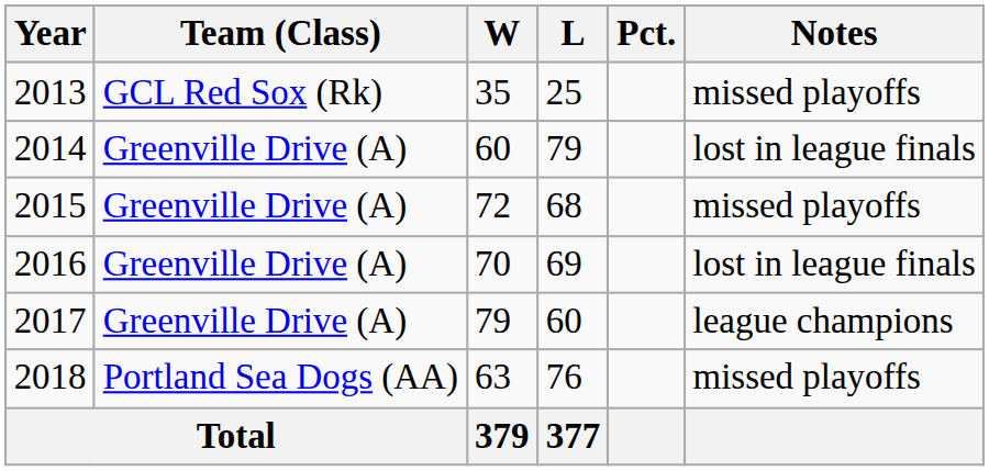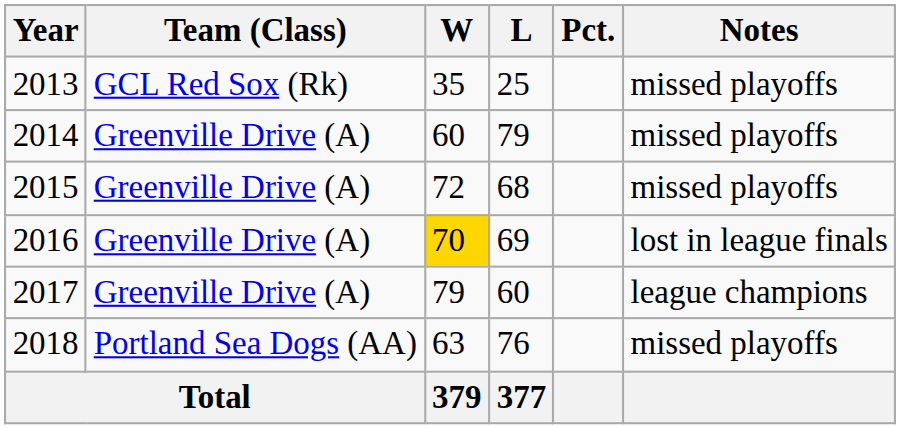 <table class="wikitable sortable">
 <tr>
 <th>Year</th>
 <th>Team (Class)</th>
 <th>W</th>
 <th>L</th>
 <th>Pct.</th>
 <th>Notes</th>
 </tr>
 <tr>
 <td>2013</td>
 <td><a href='#'>GCL Red Sox</a> (Rk)</td>
 <td>35</td>
 <td>25</td>
 <td></td>
 <td>missed playoffs</td>
 </tr>
 <tr>
 <td>2014</td>
 <td><a href='#'>Greenville Drive</a> (A)</td>
 <td>60</td>
 <td>79</td>
 <td></td>
-<td>lost in league finals</td>
+<td>missed playoffs</td>
 </tr>
 <tr>
 <td>2015</td>
 <td><a href='#'>Greenville Drive</a> (A)</td>
 <td>72</td>
 <td>68</td>
 <td></td>
 <td>missed playoffs</td>
 </tr>
 <tr>
 <td>2016</td>
 <td><a href='#'>Greenville Drive</a> (A)</td>
-<td>70</td>
+<td style="background: gold;">70</td>
 <td>69</td>
 <td></td>
 <td>lost in league finals</td>
 </tr>
 <tr>
 <td>2017</td>
 <td><a href='#'>Greenville Drive</a> (A)</td>
 <td>79</td>
 <td>60</td>
 <td></td>
 <td>league champions</td>
 </tr>
 <tr>
 <td>2018</td>
 <td><a href='#'>Portland Sea Dogs</a> (AA)</td>
 <td>63</td>
 <td>76</td>
 <td></td>
 <td>missed playoffs</td>
 </tr>
 <tr>
 <th colspan=2>Total</th>
 <th>379</th>
 <th>377</th>
 <th></th>
 <th></th>
 </tr>
 </table>
